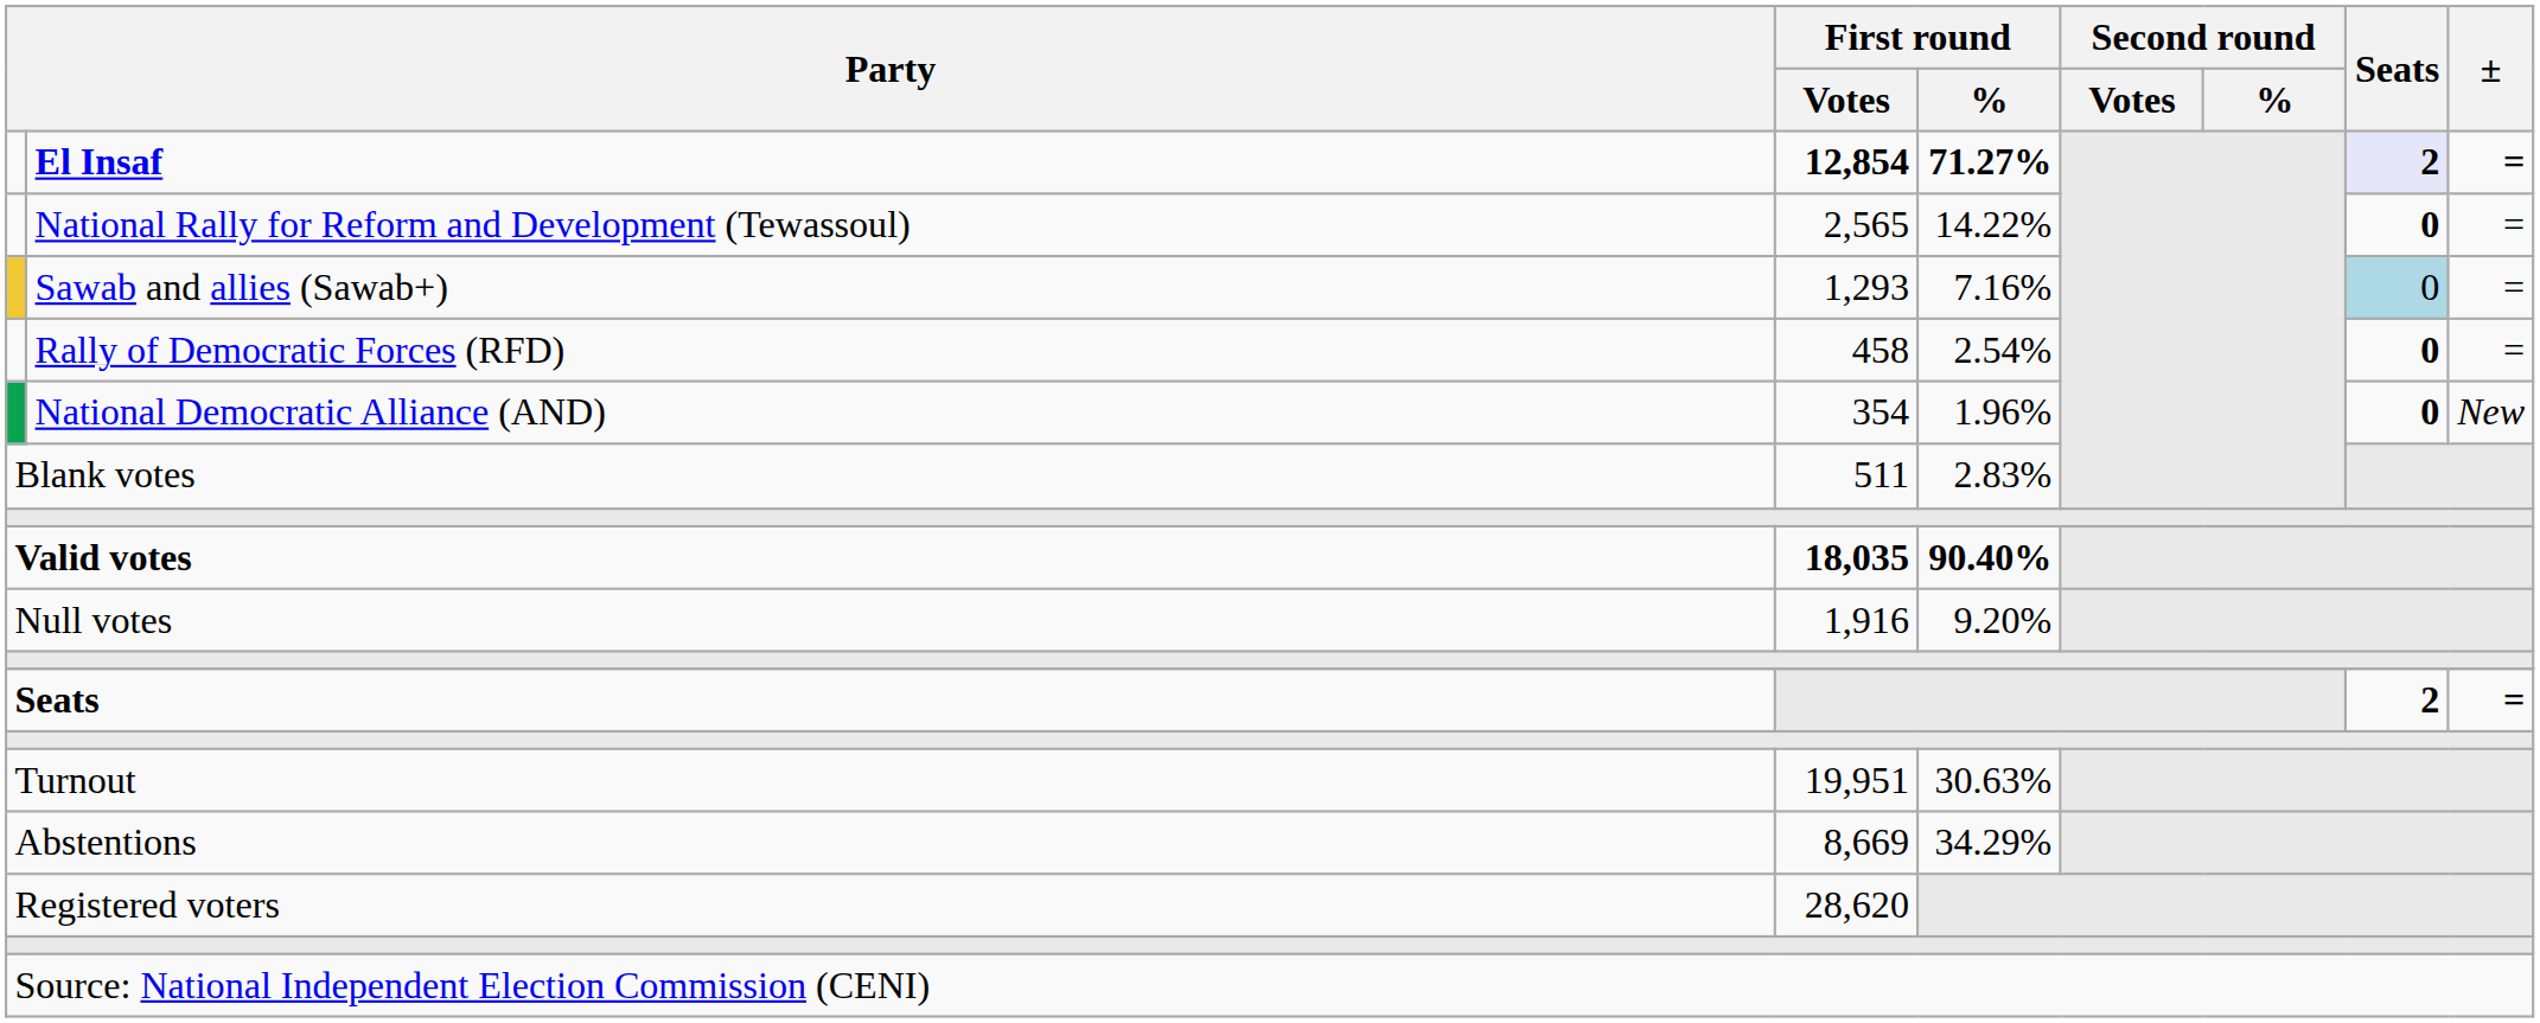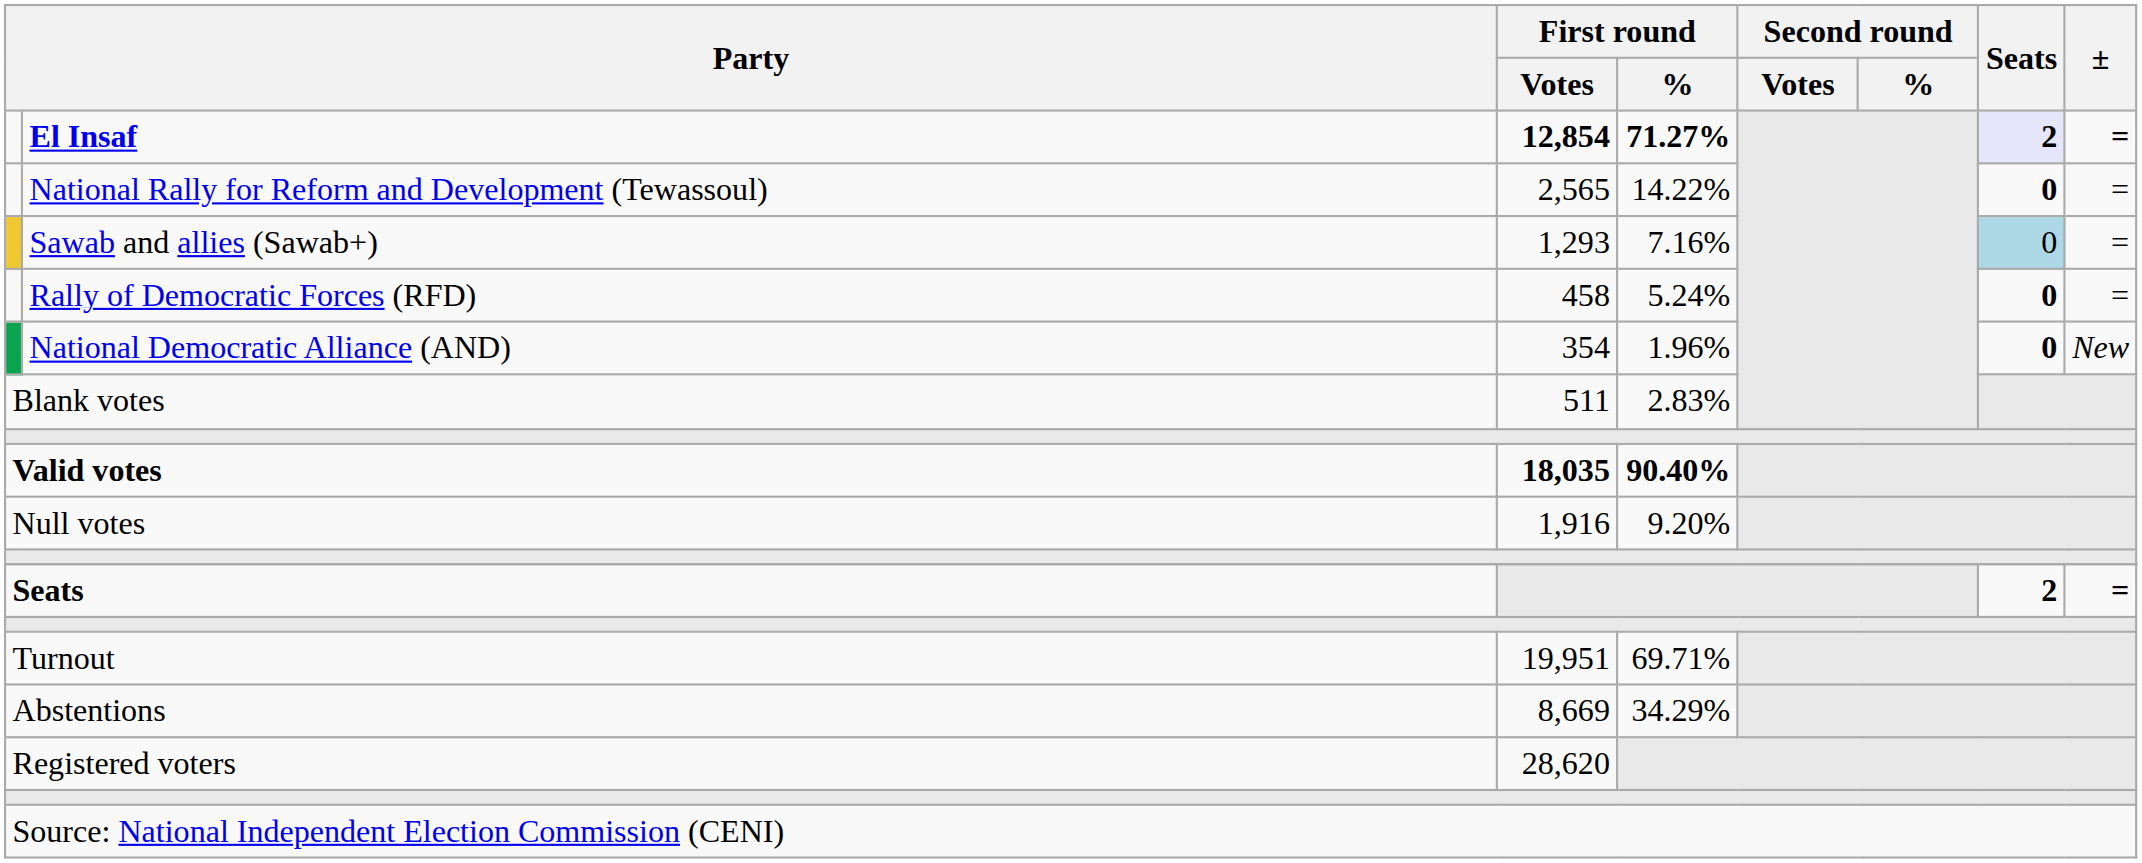 <table class="wikitable" style="text-align:right;font-size:95%;">
 <tr>
 <th rowspan="2" colspan="2" width="700">Party</th>
 <th colspan="2">First round</th>
 <th colspan="2">Second round</th>
 <th rowspan="2" width="25">Seats</th>
 <th rowspan="2" width="20">±</th>
 </tr>
 <tr>
 <th width="50">Votes</th>
 <th width="50">%</th>
 <th width="50">Votes</th>
 <th width="50">%</th>
 </tr>
 <tr>
 <td width="1" style="color:inherit;background:"></td>
 <td style="text-align:left;"><strong><a href='#'>El Insaf</a></strong></td>
 <td><strong>12,854</strong></td>
 <td><strong>71.27%</strong></td>
 <td colspan="2" rowspan="6" style="background:#E9E9E9;"></td>
 <td style="background: lavender;"><strong>2</strong></td>
 <td><strong>=</strong></td>
 </tr>
 <tr>
 <td width="1" style="color:inherit;background:"></td>
 <td style="text-align:left;"><a href='#'>National Rally for Reform and Development</a> (Tewassoul)</td>
 <td>2,565</td>
 <td>14.22%</td>
 <td><strong>0</strong></td>
 <td>=</td>
 </tr>
 <tr>
 <td width="1" style="color:inherit;background:#F0C832;"></td>
 <td style="text-align:left;"><a href='#'>Sawab</a> and <a href='#'>allies</a> (Sawab+)</td>
 <td>1,293</td>
 <td>7.16%</td>
 <td style="background: lightblue;">0</td>
 <td>=</td>
 </tr>
 <tr>
 <td width="1" style="color:inherit;background:"></td>
 <td style="text-align:left;"><a href='#'>Rally of Democratic Forces</a> (RFD)</td>
 <td>458</td>
-<td>2.54%</td>
+<td>5.24%</td>
 <td><strong>0</strong></td>
 <td>=</td>
 </tr>
 <tr>
 <td width="1" style="color:inherit;background:#0AA450;"></td>
 <td style="text-align:left;"><a href='#'>National Democratic Alliance</a> (AND)</td>
 <td>354</td>
 <td>1.96%</td>
 <td><strong>0</strong></td>
 <td><em>New</em></td>
 </tr>
 <tr>
 <td colspan="2" style="text-align:left;">Blank votes</td>
 <td>511</td>
 <td>2.83%</td>
 <td colspan="4" style="background:#E9E9E9;"></td>
 </tr>
 <tr>
 <td colspan="8" style="background:#E9E9E9;"></td>
 </tr>
 <tr style="font-weight:bold;">
 <td colspan="2" style="text-align:left;">Valid votes</td>
 <td>18,035</td>
 <td>90.40%</td>
 <td colspan="4" style="background:#E9E9E9;"></td>
 </tr>
 <tr>
 <td colspan="2" style="text-align:left;">Null votes</td>
 <td>1,916</td>
 <td>9.20%</td>
 <td colspan="4" style="background:#E9E9E9;"></td>
 </tr>
 <tr>
 <td colspan="8" style="background:#E9E9E9;"></td>
 </tr>
 <tr>
 </tr>
 <tr style="font-weight:bold;">
 <td colspan="2" style="text-align:left;">Seats</td>
 <td colspan="4" style="background:#E9E9E9;"></td>
 <td>2</td>
 <td>=</td>
 </tr>
 <tr>
 <td colspan="8" style="background:#E9E9E9;"></td>
 </tr>
 <tr>
 <td colspan="2" style="text-align:left;">Turnout</td>
 <td>19,951</td>
-<td>30.63%</td>
+<td>69.71%</td>
 <td colspan="4" style="background:#E9E9E9;"></td>
 </tr>
 <tr>
 <td colspan="2" style="text-align:left;">Abstentions</td>
 <td>8,669</td>
 <td>34.29%</td>
 <td colspan="4" style="background:#E9E9E9;"></td>
 </tr>
 <tr>
 <td colspan="2" style="text-align:left;">Registered voters</td>
 <td>28,620</td>
 <td colspan="5" style="background:#E9E9E9;"></td>
 </tr>
 <tr>
 <td colspan="8" style="background:#E9E9E9;"></td>
 </tr>
 <tr>
 <td colspan="8" style="text-align:left;">Source: <a href='#'>National Independent Election Commission</a> (CENI)</td>
 </tr>
 </table>
